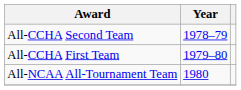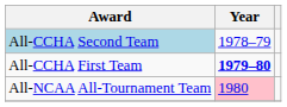 <table class="wikitable">
 <tr>
 <th>Award</th>
 <th>Year</th>
 <th></th>
 </tr>
 <tr>
-<td>All-<a href='#'>CCHA</a> <a href='#'>Second Team</a></td>
+<td style="background: lightblue;">All-<a href='#'>CCHA</a> <a href='#'>Second Team</a></td>
 <td><a href='#'>1978–79</a></td>
 <td></td>
 </tr>
 <tr>
 <td>All-<a href='#'>CCHA</a> <a href='#'>First Team</a></td>
-<td><a href='#'>1979–80</a></td>
+<td><strong><a href='#'>1979–80</a></strong></td>
 <td></td>
 </tr>
 <tr>
 <td>All-<a href='#'>NCAA</a> <a href='#'>All-Tournament Team</a></td>
-<td><a href='#'>1980</a></td>
+<td style="background: pink;"><a href='#'>1980</a></td>
 <td></td>
 </tr>
 <tr>
 </tr>
 </table>
